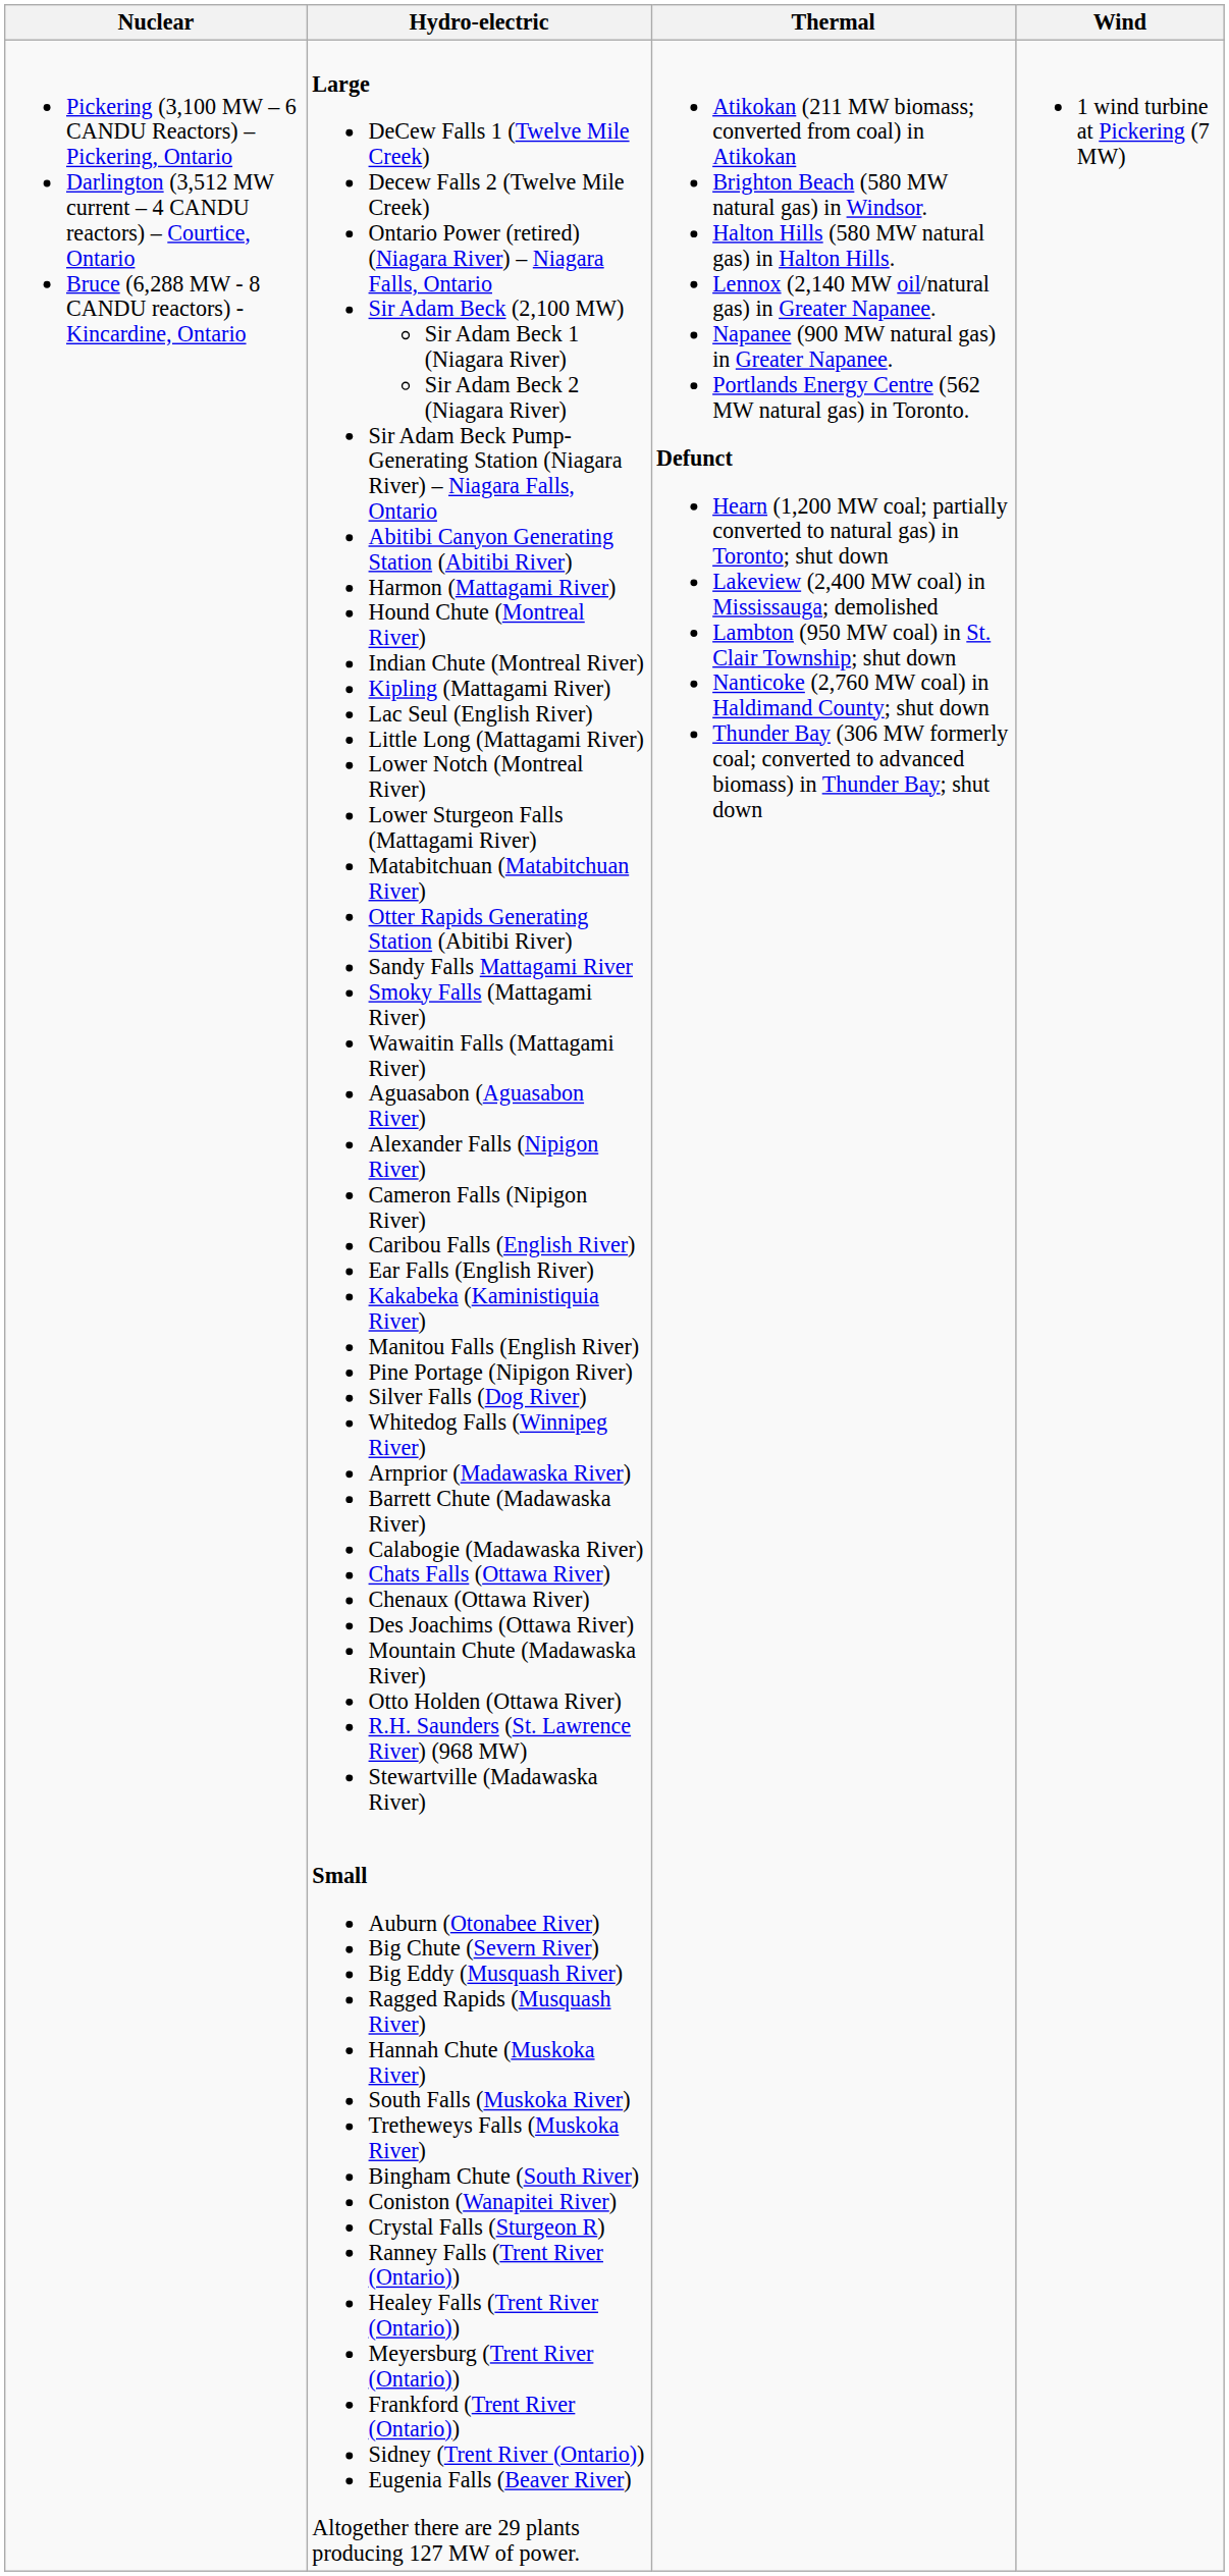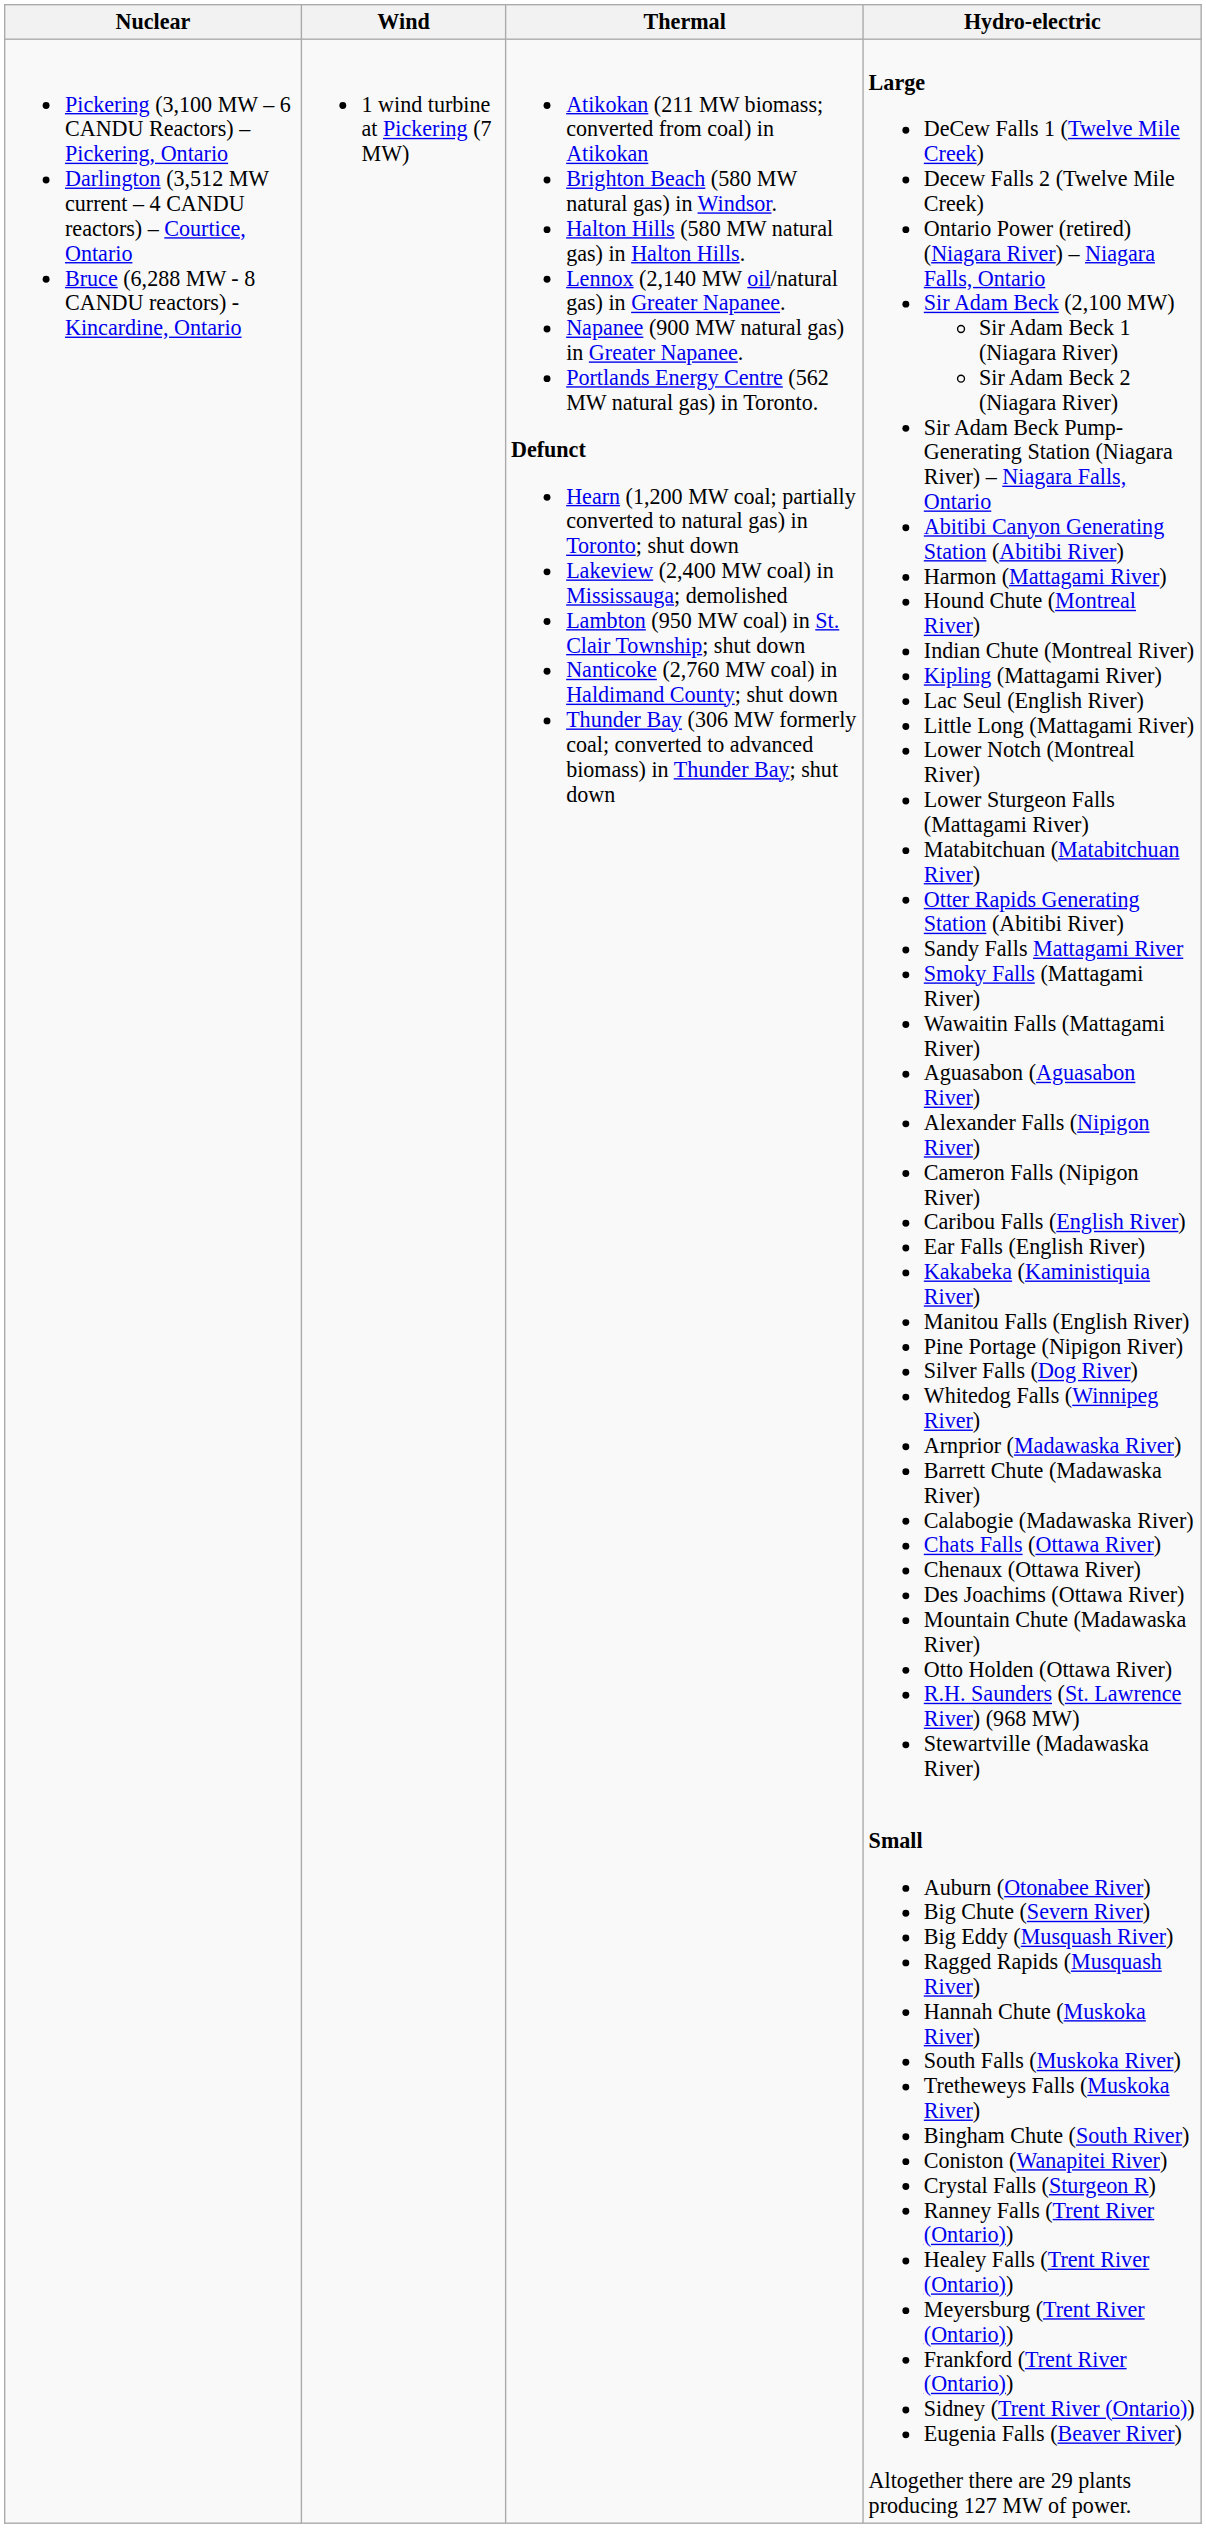 <table class="wikitable">
 <tr>
 <th>Nuclear</th>
+<th>Wind</th>
+<th>Thermal</th>
 <th>Hydro-electric</th>
-<th>Thermal</th>
-<th>Wind</th>
 </tr>
 <tr valign="top">
 <td><br><ul><li><a href='#'>Pickering</a> (3,100 MW – 6 CANDU Reactors) – <a href='#'>Pickering, Ontario</a></li><li><a href='#'>Darlington</a> (3,512 MW current – 4 CANDU reactors) – <a href='#'>Courtice, Ontario</a></li><li><a href='#'>Bruce</a> (6,288 MW - 8 CANDU reactors) - <a href='#'>Kincardine, Ontario</a></li></ul></td>
+<td><br><ul><li>1 wind turbine at <a href='#'>Pickering</a> (7 MW)</li></ul></td>
+<td><br><ul><li><a href='#'>Atikokan</a> (211 MW biomass; converted from coal) in <a href='#'>Atikokan</a></li><li><a href='#'>Brighton Beach</a> (580 MW natural gas) in <a href='#'>Windsor</a>.</li><li><a href='#'>Halton Hills</a> (580 MW natural gas) in <a href='#'>Halton Hills</a>.</li><li><a href='#'>Lennox</a> (2,140 MW <a href='#'>oil</a>/natural gas) in <a href='#'>Greater Napanee</a>.</li><li><a href='#'>Napanee</a> (900 MW natural gas) in <a href='#'>Greater Napanee</a>.</li><li><a href='#'>Portlands Energy Centre</a> (562 MW natural gas) in Toronto.</li></ul><strong>Defunct</strong><ul><li><a href='#'>Hearn</a> (1,200 MW coal; partially converted to natural gas) in <a href='#'>Toronto</a>; shut down</li><li><a href='#'>Lakeview</a> (2,400 MW coal) in <a href='#'>Mississauga</a>; demolished</li><li><a href='#'>Lambton</a> (950 MW coal) in <a href='#'>St. Clair Township</a>; shut down</li><li><a href='#'>Nanticoke</a> (2,760 MW coal) in <a href='#'>Haldimand County</a>; shut down</li><li><a href='#'>Thunder Bay</a> (306 MW formerly coal; converted to advanced biomass) in <a href='#'>Thunder Bay</a>; shut down</li></ul></td>
 <td><br><strong>Large</strong><br><ul><li>DeCew Falls 1 (<a href='#'>Twelve Mile Creek</a>)</li><li>Decew Falls 2 (Twelve Mile Creek)</li><li>Ontario Power (retired) (<a href='#'>Niagara River</a>) – <a href='#'>Niagara Falls, Ontario</a></li><li><a href='#'>Sir Adam Beck</a> (2,100 MW)<ul><li>Sir Adam Beck 1 (Niagara River)</li><li>Sir Adam Beck 2 (Niagara River)</li></ul></li><li>Sir Adam Beck Pump-Generating Station (Niagara River) – <a href='#'>Niagara Falls, Ontario</a></li><li><a href='#'>Abitibi Canyon Generating Station</a> (<a href='#'>Abitibi River</a>)</li><li>Harmon (<a href='#'>Mattagami River</a>)</li><li>Hound Chute (<a href='#'>Montreal River</a>)</li><li>Indian Chute (Montreal River)</li><li><a href='#'>Kipling</a> (Mattagami River)</li><li>Lac Seul (English River)</li><li>Little Long (Mattagami River)</li><li>Lower Notch (Montreal River)</li><li>Lower Sturgeon Falls (Mattagami River)</li><li>Matabitchuan (<a href='#'>Matabitchuan River</a>)</li><li><a href='#'>Otter Rapids Generating Station</a> (Abitibi River)</li><li>Sandy Falls <a href='#'>Mattagami River</a></li><li><a href='#'>Smoky Falls</a> (Mattagami River)</li><li>Wawaitin Falls (Mattagami River)</li><li>Aguasabon (<a href='#'>Aguasabon River</a>)</li><li>Alexander Falls (<a href='#'>Nipigon River</a>)</li><li>Cameron Falls (Nipigon River)</li><li>Caribou Falls (<a href='#'>English River</a>)</li><li>Ear Falls (English River)</li><li><a href='#'>Kakabeka</a> (<a href='#'>Kaministiquia River</a>)</li><li>Manitou Falls (English River)</li><li>Pine Portage (Nipigon River)</li><li>Silver Falls (<a href='#'>Dog River</a>)</li><li>Whitedog Falls (<a href='#'>Winnipeg River</a>)</li><li>Arnprior (<a href='#'>Madawaska River</a>)</li><li>Barrett Chute (Madawaska River)</li><li>Calabogie (Madawaska River)</li><li><a href='#'>Chats Falls</a> (<a href='#'>Ottawa River</a>)</li><li>Chenaux (Ottawa River)</li><li>Des Joachims (Ottawa River)</li><li>Mountain Chute (Madawaska River)</li><li>Otto Holden (Ottawa River)</li><li><a href='#'>R.H. Saunders</a> (<a href='#'>St. Lawrence River</a>) (968 MW)</li><li>Stewartville (Madawaska River)</li></ul><br><strong>Small</strong><ul><li>Auburn (<a href='#'>Otonabee River</a>)</li><li>Big Chute (<a href='#'>Severn River</a>)</li><li>Big Eddy (<a href='#'>Musquash River</a>)</li><li>Ragged Rapids (<a href='#'>Musquash River</a>)</li><li>Hannah Chute (<a href='#'>Muskoka River</a>)</li><li>South Falls (<a href='#'>Muskoka River</a>)</li><li>Tretheweys Falls (<a href='#'>Muskoka River</a>)</li><li>Bingham Chute (<a href='#'>South River</a>)</li><li>Coniston (<a href='#'>Wanapitei River</a>)</li><li>Crystal Falls (<a href='#'>Sturgeon R</a>)</li><li>Ranney Falls (<a href='#'>Trent River (Ontario)</a>)</li><li>Healey Falls (<a href='#'>Trent River (Ontario)</a>)</li><li>Meyersburg (<a href='#'>Trent River (Ontario)</a>)</li><li>Frankford (<a href='#'>Trent River (Ontario)</a>)</li><li>Sidney (<a href='#'>Trent River (Ontario)</a>)</li><li>Eugenia Falls (<a href='#'>Beaver River</a>)</li></ul>Altogether there are 29 plants producing 127 MW of power.</td>
-<td><br><ul><li><a href='#'>Atikokan</a> (211 MW biomass; converted from coal) in <a href='#'>Atikokan</a></li><li><a href='#'>Brighton Beach</a> (580 MW natural gas) in <a href='#'>Windsor</a>.</li><li><a href='#'>Halton Hills</a> (580 MW natural gas) in <a href='#'>Halton Hills</a>.</li><li><a href='#'>Lennox</a> (2,140 MW <a href='#'>oil</a>/natural gas) in <a href='#'>Greater Napanee</a>.</li><li><a href='#'>Napanee</a> (900 MW natural gas) in <a href='#'>Greater Napanee</a>.</li><li><a href='#'>Portlands Energy Centre</a> (562 MW natural gas) in Toronto.</li></ul><strong>Defunct</strong><ul><li><a href='#'>Hearn</a> (1,200 MW coal; partially converted to natural gas) in <a href='#'>Toronto</a>; shut down</li><li><a href='#'>Lakeview</a> (2,400 MW coal) in <a href='#'>Mississauga</a>; demolished</li><li><a href='#'>Lambton</a> (950 MW coal) in <a href='#'>St. Clair Township</a>; shut down</li><li><a href='#'>Nanticoke</a> (2,760 MW coal) in <a href='#'>Haldimand County</a>; shut down</li><li><a href='#'>Thunder Bay</a> (306 MW formerly coal; converted to advanced biomass) in <a href='#'>Thunder Bay</a>; shut down</li></ul></td>
-<td><br><ul><li>1 wind turbine at <a href='#'>Pickering</a> (7 MW)</li></ul></td>
 </tr>
 </table>
